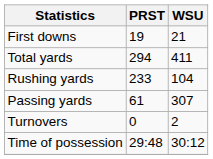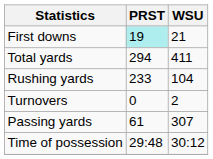 <table class="wikitable" style="float: left;">
 <tr>
 <th>Statistics</th>
 <th>PRST</th>
 <th>WSU</th>
 </tr>
 <tr>
 <td>First downs</td>
-<td>19</td>
+<td style="background: paleturquoise;">19</td>
 <td>21</td>
 </tr>
 <tr>
 <td>Total yards</td>
 <td>294</td>
 <td>411</td>
 </tr>
 <tr>
 <td>Rushing yards</td>
 <td>233</td>
 <td>104</td>
 </tr>
 <tr>
+<td>Turnovers</td>
+<td>0</td>
+<td>2</td>
+</tr>
+<tr>
 <td>Passing yards</td>
 <td>61</td>
 <td>307</td>
-</tr>
-<tr>
-<td>Turnovers</td>
-<td>0</td>
-<td>2</td>
 </tr>
 <tr>
 <td>Time of possession</td>
 <td>29:48</td>
 <td>30:12</td>
 </tr>
 <tr>
 </tr>
 </table>
